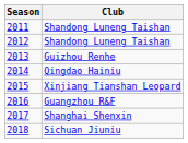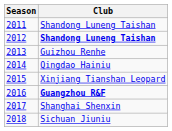 <table class="wikitable">
 <tr>
 <th>Season</th>
 <th>Club</th>
 </tr>
 <tr>
 <td><a href='#'>2011</a></td>
 <td><a href='#'>Shandong Luneng Taishan</a></td>
 </tr>
 <tr>
 <td><a href='#'>2012</a></td>
-<td><a href='#'>Shandong Luneng Taishan</a></td>
+<td><strong><a href='#'>Shandong Luneng Taishan</a></strong></td>
 </tr>
 <tr>
 <td><a href='#'>2013</a></td>
 <td><a href='#'>Guizhou Renhe</a></td>
 </tr>
 <tr>
 <td><a href='#'>2014</a></td>
 <td><a href='#'>Qingdao Hainiu</a></td>
 </tr>
 <tr>
 <td><a href='#'>2015</a></td>
 <td><a href='#'>Xinjiang Tianshan Leopard</a></td>
 </tr>
 <tr>
 <td><a href='#'>2016</a></td>
-<td><a href='#'>Guangzhou R&F</a></td>
+<td><strong><a href='#'>Guangzhou R&F</a></strong></td>
 </tr>
 <tr>
 <td><a href='#'>2017</a></td>
 <td><a href='#'>Shanghai Shenxin</a></td>
 </tr>
 <tr>
 <td><a href='#'>2018</a></td>
 <td><a href='#'>Sichuan Jiuniu</a></td>
 </tr>
 </table>
